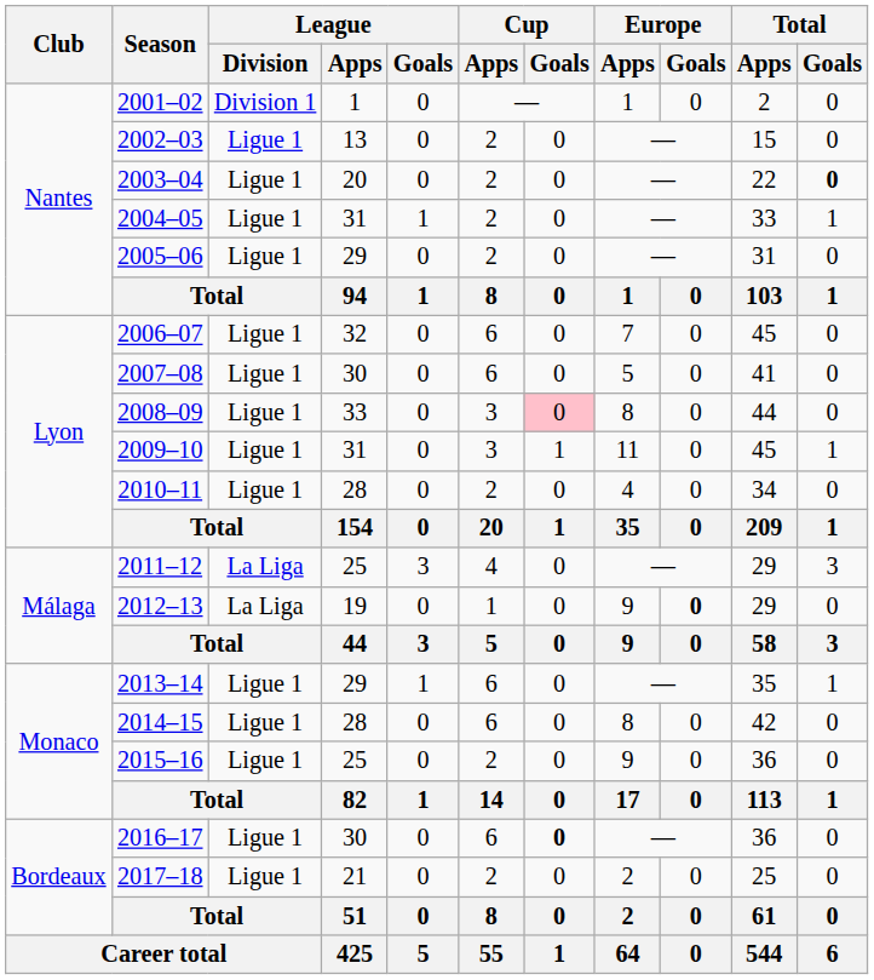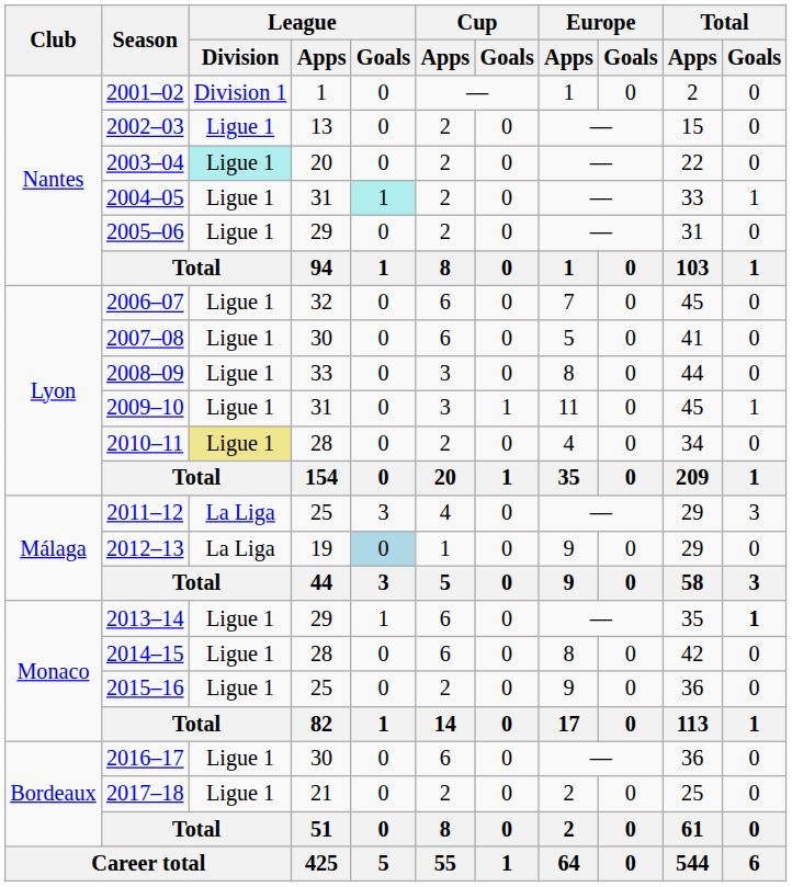 <table class="wikitable" style="text-align:center">
 <tr>
 <th rowspan="2">Club</th>
 <th rowspan="2">Season</th>
 <th colspan="3">League</th>
 <th colspan="2">Cup</th>
 <th colspan="2">Europe</th>
 <th colspan="2">Total</th>
 </tr>
 <tr>
 <th>Division</th>
 <th>Apps</th>
 <th>Goals</th>
 <th>Apps</th>
 <th>Goals</th>
 <th>Apps</th>
 <th>Goals</th>
 <th>Apps</th>
 <th>Goals</th>
 </tr>
 <tr>
 <td rowspan="6"><a href='#'>Nantes</a></td>
 <td><a href='#'>2001–02</a></td>
 <td><a href='#'>Division 1</a></td>
 <td>1</td>
 <td>0</td>
 <td colspan="2">—</td>
 <td>1</td>
 <td>0</td>
 <td>2</td>
 <td>0</td>
 </tr>
 <tr>
 <td><a href='#'>2002–03</a></td>
 <td><a href='#'>Ligue 1</a></td>
 <td>13</td>
 <td>0</td>
 <td>2</td>
 <td>0</td>
 <td colspan="2">—</td>
 <td>15</td>
 <td>0</td>
 </tr>
 <tr>
 <td><a href='#'>2003–04</a></td>
-<td>Ligue 1</td>
+<td style="background: paleturquoise;">Ligue 1</td>
 <td>20</td>
 <td>0</td>
 <td>2</td>
 <td>0</td>
 <td colspan="2">—</td>
 <td>22</td>
-<td><strong>0</strong></td>
+<td>0</td>
 </tr>
 <tr>
 <td><a href='#'>2004–05</a></td>
 <td>Ligue 1</td>
 <td>31</td>
-<td>1</td>
+<td style="background: paleturquoise;">1</td>
 <td>2</td>
 <td>0</td>
 <td colspan="2">—</td>
 <td>33</td>
 <td>1</td>
 </tr>
 <tr>
 <td><a href='#'>2005–06</a></td>
 <td>Ligue 1</td>
 <td>29</td>
 <td>0</td>
 <td>2</td>
 <td>0</td>
 <td colspan="2">—</td>
 <td>31</td>
 <td>0</td>
 </tr>
 <tr>
 <th colspan="2">Total</th>
 <th>94</th>
 <th>1</th>
 <th>8</th>
 <th>0</th>
 <th>1</th>
 <th>0</th>
 <th>103</th>
 <th>1</th>
 </tr>
 <tr>
 <td rowspan="6"><a href='#'>Lyon</a></td>
 <td><a href='#'>2006–07</a></td>
 <td>Ligue 1</td>
 <td>32</td>
 <td>0</td>
 <td>6</td>
 <td>0</td>
 <td>7</td>
 <td>0</td>
 <td>45</td>
 <td>0</td>
 </tr>
 <tr>
 <td><a href='#'>2007–08</a></td>
 <td>Ligue 1</td>
 <td>30</td>
 <td>0</td>
 <td>6</td>
 <td>0</td>
 <td>5</td>
 <td>0</td>
 <td>41</td>
 <td>0</td>
 </tr>
 <tr>
 <td><a href='#'>2008–09</a></td>
 <td>Ligue 1</td>
 <td>33</td>
 <td>0</td>
 <td>3</td>
-<td style="background: pink;">0</td>
+<td>0</td>
 <td>8</td>
 <td>0</td>
 <td>44</td>
 <td>0</td>
 </tr>
 <tr>
 <td><a href='#'>2009–10</a></td>
 <td>Ligue 1</td>
 <td>31</td>
 <td>0</td>
 <td>3</td>
 <td>1</td>
 <td>11</td>
 <td>0</td>
 <td>45</td>
 <td>1</td>
 </tr>
 <tr>
 <td><a href='#'>2010–11</a></td>
-<td>Ligue 1</td>
+<td style="background: khaki;">Ligue 1</td>
 <td>28</td>
 <td>0</td>
 <td>2</td>
 <td>0</td>
 <td>4</td>
 <td>0</td>
 <td>34</td>
 <td>0</td>
 </tr>
 <tr>
 <th colspan="2">Total</th>
 <th>154</th>
 <th>0</th>
 <th>20</th>
 <th>1</th>
 <th>35</th>
 <th>0</th>
 <th>209</th>
 <th>1</th>
 </tr>
 <tr>
 <td rowspan="3"><a href='#'>Málaga</a></td>
 <td><a href='#'>2011–12</a></td>
 <td><a href='#'>La Liga</a></td>
 <td>25</td>
 <td>3</td>
 <td>4</td>
 <td>0</td>
 <td colspan="2">—</td>
 <td>29</td>
 <td>3</td>
 </tr>
 <tr>
 <td><a href='#'>2012–13</a></td>
 <td>La Liga</td>
 <td>19</td>
-<td>0</td>
+<td style="background: lightblue;">0</td>
 <td>1</td>
 <td>0</td>
 <td>9</td>
-<td><strong>0</strong></td>
+<td>0</td>
 <td>29</td>
 <td>0</td>
 </tr>
 <tr>
 <th colspan="2">Total</th>
 <th>44</th>
 <th>3</th>
 <th>5</th>
 <th>0</th>
 <th>9</th>
 <th>0</th>
 <th>58</th>
 <th>3</th>
 </tr>
 <tr>
 <td rowspan="4"><a href='#'>Monaco</a></td>
 <td><a href='#'>2013–14</a></td>
 <td>Ligue 1</td>
 <td>29</td>
 <td>1</td>
 <td>6</td>
 <td>0</td>
 <td colspan="2">—</td>
 <td>35</td>
-<td>1</td>
+<td><strong>1</strong></td>
 </tr>
 <tr>
 <td><a href='#'>2014–15</a></td>
 <td>Ligue 1</td>
 <td>28</td>
 <td>0</td>
 <td>6</td>
 <td>0</td>
 <td>8</td>
 <td>0</td>
 <td>42</td>
 <td>0</td>
 </tr>
 <tr>
 <td><a href='#'>2015–16</a></td>
 <td>Ligue 1</td>
 <td>25</td>
 <td>0</td>
 <td>2</td>
 <td>0</td>
 <td>9</td>
 <td>0</td>
 <td>36</td>
 <td>0</td>
 </tr>
 <tr>
 <th colspan="2">Total</th>
 <th>82</th>
 <th>1</th>
 <th>14</th>
 <th>0</th>
 <th>17</th>
 <th>0</th>
 <th>113</th>
 <th>1</th>
 </tr>
 <tr>
 <td rowspan="3"><a href='#'>Bordeaux</a></td>
 <td><a href='#'>2016–17</a></td>
 <td>Ligue 1</td>
 <td>30</td>
 <td>0</td>
 <td>6</td>
-<td><strong>0</strong></td>
+<td>0</td>
 <td colspan="2">—</td>
 <td>36</td>
 <td>0</td>
 </tr>
 <tr>
 <td><a href='#'>2017–18</a></td>
 <td>Ligue 1</td>
 <td>21</td>
 <td>0</td>
 <td>2</td>
 <td>0</td>
 <td>2</td>
 <td>0</td>
 <td>25</td>
 <td>0</td>
 </tr>
 <tr>
 <th colspan="2">Total</th>
 <th>51</th>
 <th>0</th>
 <th>8</th>
 <th>0</th>
 <th>2</th>
 <th>0</th>
 <th>61</th>
 <th>0</th>
 </tr>
 <tr>
 <th colspan="3">Career total</th>
 <th>425</th>
 <th>5</th>
 <th>55</th>
 <th>1</th>
 <th>64</th>
 <th>0</th>
 <th>544</th>
 <th>6</th>
 </tr>
 </table>
